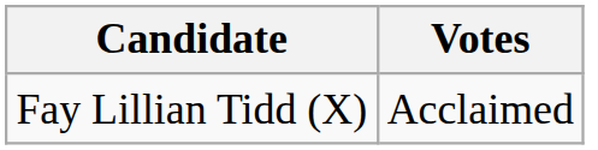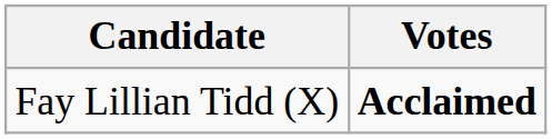 <table class="wikitable">
 <tr>
 <th>Candidate</th>
 <th>Votes</th>
 </tr>
 <tr>
 <td>Fay Lillian Tidd (X)</td>
-<td>Acclaimed</td>
+<td><strong>Acclaimed</strong></td>
 </tr>
 </table>
